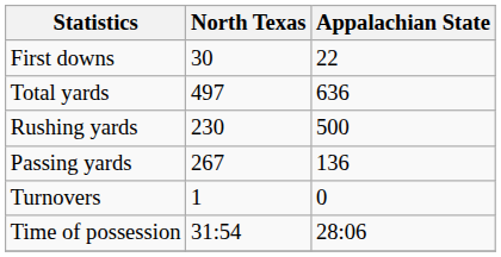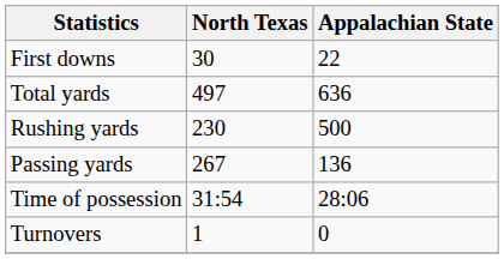 <table class="wikitable">
 <tr>
 <th>Statistics</th>
 <th>North Texas</th>
 <th>Appalachian State</th>
 </tr>
 <tr>
 <td>First downs</td>
 <td>30</td>
 <td>22</td>
 </tr>
 <tr>
 <td>Total yards</td>
 <td>497</td>
 <td>636</td>
 </tr>
 <tr>
 <td>Rushing yards</td>
 <td>230</td>
 <td>500</td>
 </tr>
 <tr>
 <td>Passing yards</td>
 <td>267</td>
 <td>136</td>
 </tr>
 <tr>
+<td>Time of possession</td>
+<td>31:54</td>
+<td>28:06</td>
+</tr>
+<tr>
 <td>Turnovers</td>
 <td>1</td>
 <td>0</td>
 </tr>
 <tr>
-<td>Time of possession</td>
-<td>31:54</td>
-<td>28:06</td>
-</tr>
-<tr>
 </tr>
 </table>
